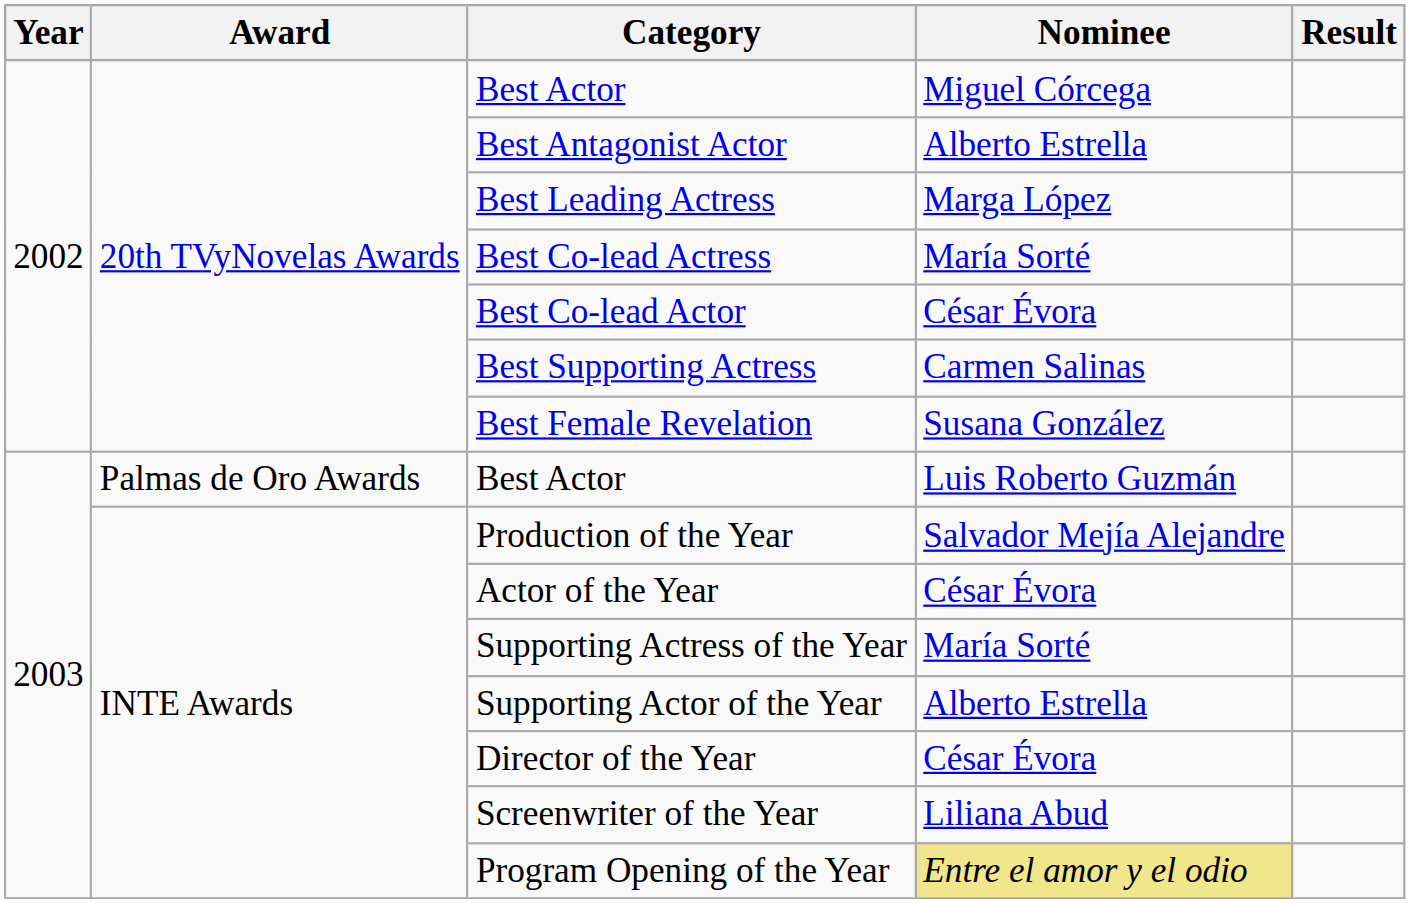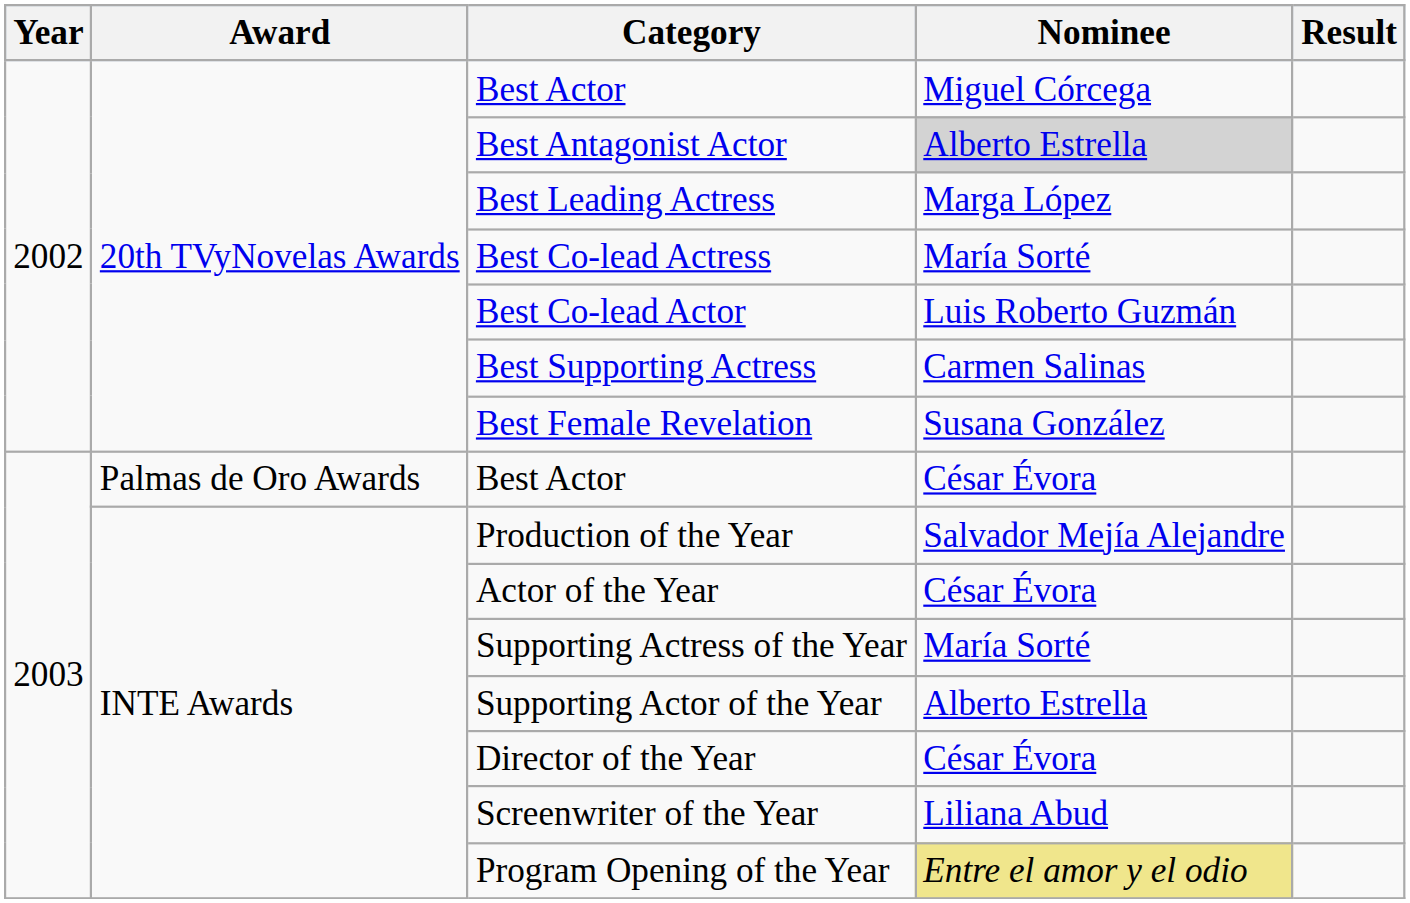 <table class="wikitable">
 <tr style="background:#b0c4de;">
 <th>Year</th>
 <th>Award</th>
 <th>Category</th>
 <th>Nominee</th>
 <th>Result</th>
 </tr>
 <tr>
 <td rowspan=7>2002</td>
 <td rowspan=7><a href='#'>20th TVyNovelas Awards</a></td>
 <td><a href='#'>Best Actor</a></td>
 <td><a href='#'>Miguel Córcega</a></td>
 <td></td>
 </tr>
 <tr>
 <td><a href='#'>Best Antagonist Actor</a></td>
-<td><a href='#'>Alberto Estrella</a></td>
+<td style="background: lightgrey;"><a href='#'>Alberto Estrella</a></td>
 <td></td>
 </tr>
 <tr>
 <td><a href='#'>Best Leading Actress</a></td>
 <td><a href='#'>Marga López</a></td>
 <td></td>
 </tr>
 <tr>
 <td><a href='#'>Best Co-lead Actress</a></td>
 <td><a href='#'>María Sorté</a></td>
 <td></td>
 </tr>
 <tr>
 <td><a href='#'>Best Co-lead Actor</a></td>
-<td><a href='#'>César Évora</a></td>
+<td><a href='#'>Luis Roberto Guzmán</a></td>
 <td></td>
 </tr>
 <tr>
 <td><a href='#'>Best Supporting Actress</a></td>
 <td><a href='#'>Carmen Salinas</a></td>
 <td></td>
 </tr>
 <tr>
 <td><a href='#'>Best Female Revelation</a></td>
 <td><a href='#'>Susana González</a></td>
 <td></td>
 </tr>
 <tr>
 <td rowspan=8>2003</td>
 <td>Palmas de Oro Awards</td>
 <td>Best Actor</td>
-<td><a href='#'>Luis Roberto Guzmán</a></td>
+<td><a href='#'>César Évora</a></td>
 <td></td>
 </tr>
 <tr>
 <td rowspan=7>INTE Awards</td>
 <td>Production of the Year</td>
 <td><a href='#'>Salvador Mejía Alejandre</a></td>
 <td></td>
 </tr>
 <tr>
 <td>Actor of the Year</td>
 <td><a href='#'>César Évora</a></td>
 <td></td>
 </tr>
 <tr>
 <td>Supporting Actress of the Year</td>
 <td><a href='#'>María Sorté</a></td>
 <td></td>
 </tr>
 <tr>
 <td>Supporting  Actor of the Year</td>
 <td><a href='#'>Alberto Estrella</a></td>
 <td></td>
 </tr>
 <tr>
 <td>Director of the Year</td>
 <td><a href='#'>César Évora</a></td>
 <td></td>
 </tr>
 <tr>
 <td>Screenwriter of the Year</td>
 <td><a href='#'>Liliana Abud</a></td>
 <td></td>
 </tr>
 <tr>
 <td>Program Opening of the Year</td>
 <td style="background: khaki;"><em>Entre el amor y el odio</em></td>
 <td></td>
 </tr>
 </table>
